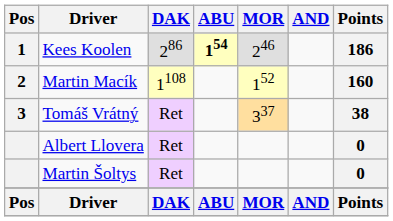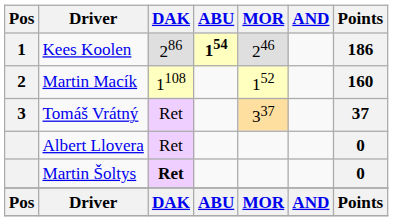 <table class="wikitable" style="font-size: 85%; text-align: center; display: inline-table;">
 <tr valign="top">
 <th valign="middle">Pos</th>
 <th valign="middle">Driver</th>
 <th><a href='#'>DAK</a><br></th>
 <th><a href='#'>ABU</a><br></th>
 <th><a href='#'>MOR</a><br></th>
 <th><a href='#'>AND</a><br></th>
 <th valign="middle">Points</th>
 </tr>
 <tr>
 <th>1</th>
 <td align=left> <a href='#'>Kees Koolen</a></td>
 <td style="background:#dfdfdf;">2<sup>86</sup></td>
 <td style="background:#ffffbf;"><strong>1<sup>54</sup></strong></td>
 <td style="background:#dfdfdf;">2<sup>46</sup></td>
 <td></td>
 <th>186</th>
 </tr>
 <tr>
 <th>2</th>
 <td align=left> <a href='#'>Martin Macík</a></td>
 <td style="background:#ffffbf;">1<sup>108</sup></td>
 <td></td>
 <td style="background:#ffffbf;">1<sup>52</sup></td>
 <td></td>
 <th>160</th>
 </tr>
 <tr>
 <th>3</th>
 <td align=left> <a href='#'>Tomáš Vrátný</a></td>
 <td style="background:#efcfff;">Ret</td>
 <td></td>
 <td style="background:#ffdf9f;">3<sup>37</sup></td>
 <td></td>
-<th>38</th>
+<th>37</th>
 </tr>
 <tr>
 <th></th>
 <td align=left> <a href='#'>Albert Llovera</a></td>
 <td style="background:#efcfff;">Ret</td>
 <td></td>
 <td></td>
 <td></td>
 <th>0</th>
 </tr>
 <tr>
 <th></th>
 <td align=left> <a href='#'>Martin Šoltys</a></td>
-<td style="background:#efcfff;">Ret</td>
+<td style="background:#efcfff;"><strong>Ret</strong></td>
 <td></td>
 <td></td>
 <td></td>
 <th>0</th>
 </tr>
 <tr>
 </tr>
 <tr valign="top">
 <th valign="middle">Pos</th>
 <th valign="middle">Driver</th>
 <th><a href='#'>DAK</a><br></th>
 <th><a href='#'>ABU</a><br></th>
 <th><a href='#'>MOR</a><br></th>
 <th><a href='#'>AND</a><br></th>
 <th valign="middle">Points</th>
 </tr>
 <tr>
 </tr>
 </table>
